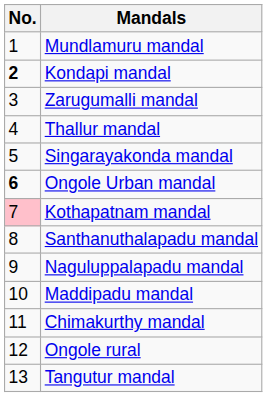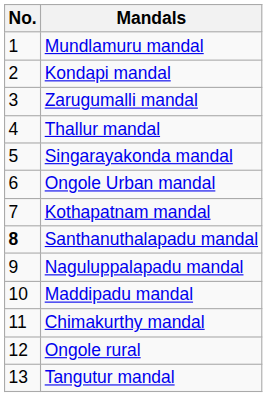 <table class="wikitable">
 <tr>
 <th>No.</th>
 <th>Mandals</th>
 </tr>
 <tr>
 <td>1</td>
 <td><a href='#'>Mundlamuru mandal</a></td>
 </tr>
 <tr>
-<td><strong>2</strong></td>
+<td>2</td>
 <td><a href='#'>Kondapi mandal</a></td>
 </tr>
 <tr>
 <td>3</td>
 <td><a href='#'>Zarugumalli mandal</a></td>
 </tr>
 <tr>
 <td>4</td>
 <td><a href='#'>Thallur mandal</a></td>
 </tr>
 <tr>
 <td>5</td>
 <td><a href='#'>Singarayakonda mandal</a></td>
 </tr>
 <tr>
-<td><strong>6</strong></td>
+<td>6</td>
 <td><a href='#'>Ongole Urban mandal</a></td>
 </tr>
 <tr>
-<td style="background: pink;">7</td>
+<td>7</td>
 <td><a href='#'>Kothapatnam mandal</a></td>
 </tr>
 <tr>
-<td>8</td>
+<td><strong>8</strong></td>
 <td><a href='#'>Santhanuthalapadu mandal</a></td>
 </tr>
 <tr>
 <td>9</td>
 <td><a href='#'>Naguluppalapadu mandal</a></td>
 </tr>
 <tr>
 <td>10</td>
 <td><a href='#'>Maddipadu mandal</a></td>
 </tr>
 <tr>
 <td>11</td>
 <td><a href='#'>Chimakurthy mandal</a></td>
 </tr>
 <tr>
 <td>12</td>
 <td><a href='#'>Ongole rural</a></td>
 </tr>
 <tr>
 <td>13</td>
 <td><a href='#'>Tangutur mandal</a></td>
 </tr>
 </table>
